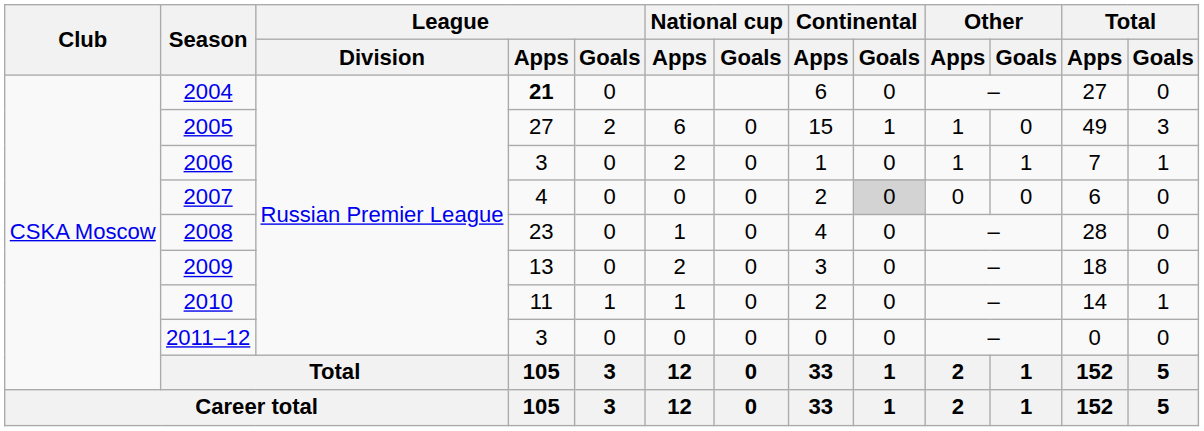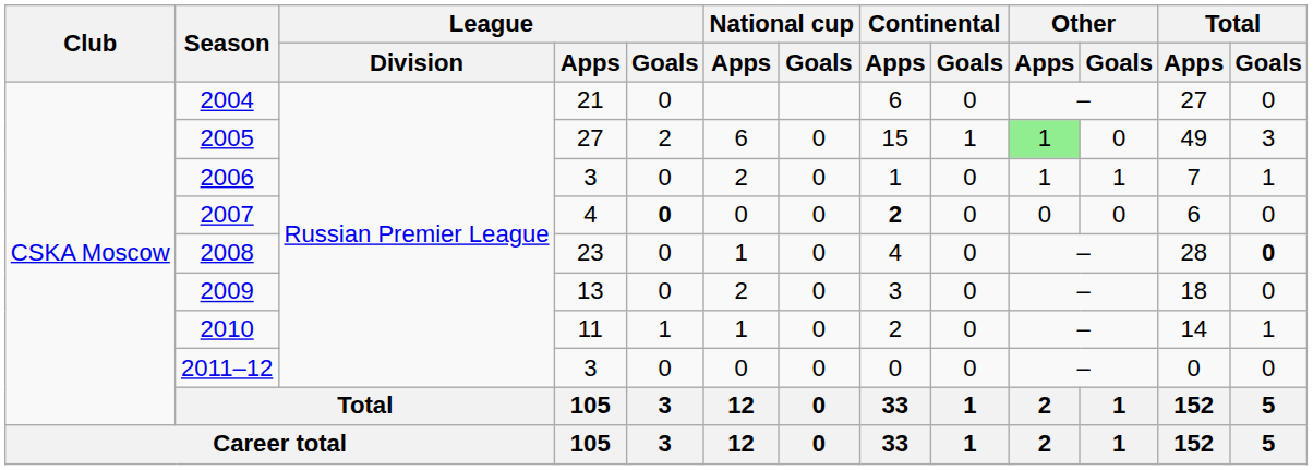 <table class="wikitable" style="text-align: center">
 <tr>
 <th rowspan="2">Club</th>
 <th rowspan="2">Season</th>
 <th colspan="3">League</th>
 <th colspan="2">National cup</th>
 <th colspan="2">Continental</th>
 <th colspan="2">Other</th>
 <th colspan="2">Total</th>
 </tr>
 <tr>
 <th>Division</th>
 <th>Apps</th>
 <th>Goals</th>
 <th>Apps</th>
 <th>Goals</th>
 <th>Apps</th>
 <th>Goals</th>
 <th>Apps</th>
 <th>Goals</th>
 <th>Apps</th>
 <th>Goals</th>
 </tr>
 <tr>
 <td rowspan="9"><a href='#'>CSKA Moscow</a></td>
 <td><a href='#'>2004</a></td>
 <td rowspan="8"><a href='#'>Russian Premier League</a></td>
-<td><strong>21</strong></td>
+<td>21</td>
 <td>0</td>
 <td></td>
 <td></td>
 <td>6</td>
 <td>0</td>
 <td colspan="2">–</td>
 <td>27</td>
 <td>0</td>
 </tr>
 <tr>
 <td><a href='#'>2005</a></td>
 <td>27</td>
 <td>2</td>
 <td>6</td>
 <td>0</td>
 <td>15</td>
 <td>1</td>
-<td>1</td>
+<td style="background: lightgreen;">1</td>
 <td>0</td>
 <td>49</td>
 <td>3</td>
 </tr>
 <tr>
 <td><a href='#'>2006</a></td>
 <td>3</td>
 <td>0</td>
 <td>2</td>
 <td>0</td>
 <td>1</td>
 <td>0</td>
 <td>1</td>
 <td>1</td>
 <td>7</td>
 <td>1</td>
 </tr>
 <tr>
 <td><a href='#'>2007</a></td>
 <td>4</td>
+<td><strong>0</strong></td>
 <td>0</td>
 <td>0</td>
+<td><strong>2</strong></td>
 <td>0</td>
-<td>2</td>
-<td style="background: lightgrey;">0</td>
 <td>0</td>
 <td>0</td>
 <td>6</td>
 <td>0</td>
 </tr>
 <tr>
 <td><a href='#'>2008</a></td>
 <td>23</td>
 <td>0</td>
 <td>1</td>
 <td>0</td>
 <td>4</td>
 <td>0</td>
 <td colspan="2">–</td>
 <td>28</td>
-<td>0</td>
+<td><strong>0</strong></td>
 </tr>
 <tr>
 <td><a href='#'>2009</a></td>
 <td>13</td>
 <td>0</td>
 <td>2</td>
 <td>0</td>
 <td>3</td>
 <td>0</td>
 <td colspan="2">–</td>
 <td>18</td>
 <td>0</td>
 </tr>
 <tr>
 <td><a href='#'>2010</a></td>
 <td>11</td>
 <td>1</td>
 <td>1</td>
 <td>0</td>
 <td>2</td>
 <td>0</td>
 <td colspan="2">–</td>
 <td>14</td>
 <td>1</td>
 </tr>
 <tr>
 <td><a href='#'>2011–12</a></td>
 <td>3</td>
 <td>0</td>
 <td>0</td>
 <td>0</td>
 <td>0</td>
 <td>0</td>
 <td colspan="2">–</td>
 <td>0</td>
 <td>0</td>
 </tr>
 <tr>
 <th colspan="2">Total</th>
 <th>105</th>
 <th>3</th>
 <th>12</th>
 <th>0</th>
 <th>33</th>
 <th>1</th>
 <th>2</th>
 <th>1</th>
 <th>152</th>
 <th>5</th>
 </tr>
 <tr>
 <th colspan="3">Career total</th>
 <th>105</th>
 <th>3</th>
 <th>12</th>
 <th>0</th>
 <th>33</th>
 <th>1</th>
 <th>2</th>
 <th>1</th>
 <th>152</th>
 <th>5</th>
 </tr>
 </table>
